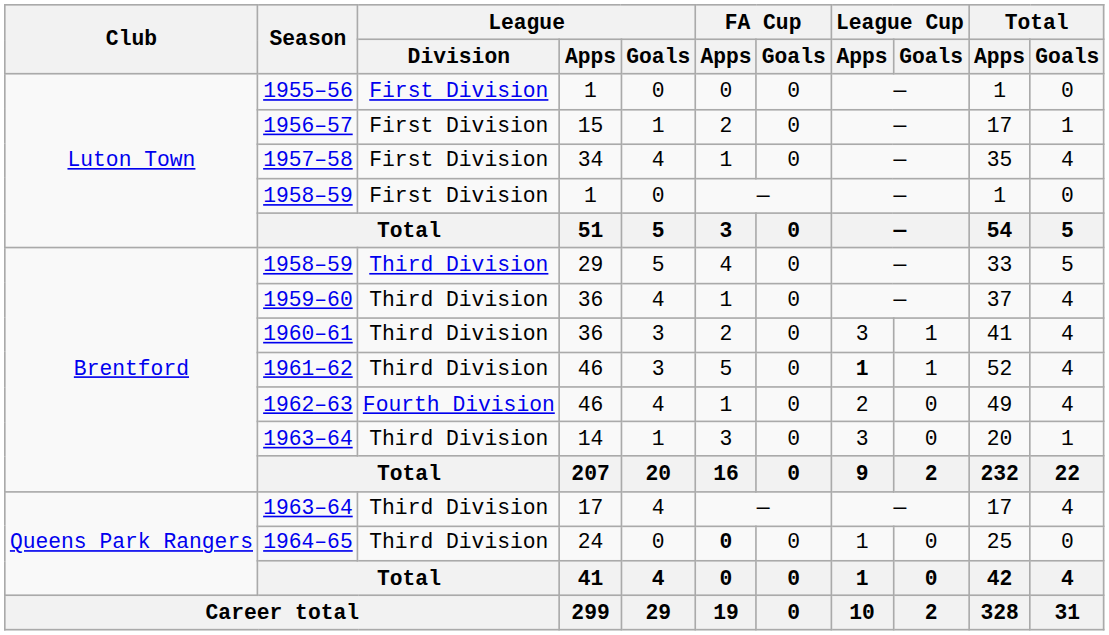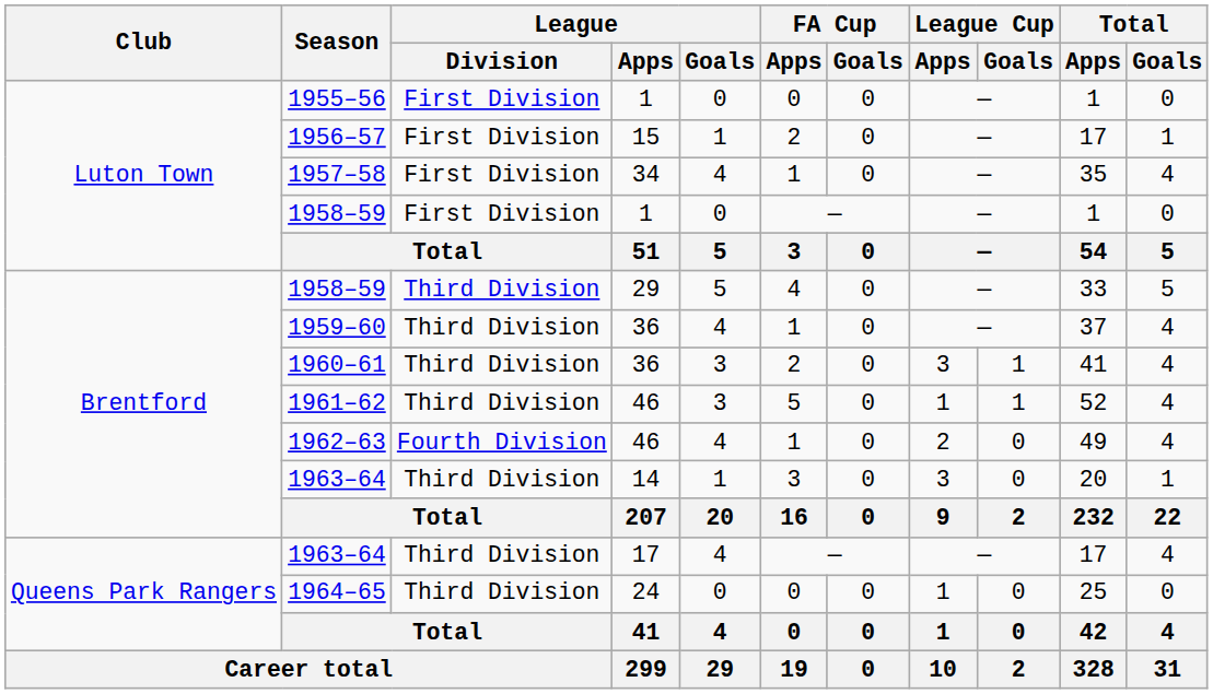 <table class="wikitable" style="text-align: center;">
 <tr>
 <th rowspan="2">Club</th>
 <th rowspan="2">Season</th>
 <th colspan="3">League</th>
 <th colspan="2">FA Cup</th>
 <th colspan="2">League Cup</th>
 <th colspan="2">Total</th>
 </tr>
 <tr>
 <th>Division</th>
 <th>Apps</th>
 <th>Goals</th>
 <th>Apps</th>
 <th>Goals</th>
 <th>Apps</th>
 <th>Goals</th>
 <th>Apps</th>
 <th>Goals</th>
 </tr>
 <tr>
 <td rowspan="5"><a href='#'>Luton Town</a></td>
 <td><a href='#'>1955–56</a></td>
 <td><a href='#'>First Division</a></td>
 <td>1</td>
 <td>0</td>
 <td>0</td>
 <td>0</td>
 <td colspan="2">—</td>
 <td>1</td>
 <td>0</td>
 </tr>
 <tr>
 <td><a href='#'>1956–57</a></td>
 <td>First Division</td>
 <td>15</td>
 <td>1</td>
 <td>2</td>
 <td>0</td>
 <td colspan="2">—</td>
 <td>17</td>
 <td>1</td>
 </tr>
 <tr>
 <td><a href='#'>1957–58</a></td>
 <td>First Division</td>
 <td>34</td>
 <td>4</td>
 <td>1</td>
 <td>0</td>
 <td colspan="2">—</td>
 <td>35</td>
 <td>4</td>
 </tr>
 <tr>
 <td><a href='#'>1958–59</a></td>
 <td>First Division</td>
 <td>1</td>
 <td>0</td>
 <td colspan="2">—</td>
 <td colspan="2">—</td>
 <td>1</td>
 <td>0</td>
 </tr>
 <tr>
 <th colspan="2">Total</th>
 <th>51</th>
 <th>5</th>
 <th>3</th>
 <th>0</th>
 <th colspan="2">—</th>
 <th>54</th>
 <th>5</th>
 </tr>
 <tr>
 <td rowspan="7"><a href='#'>Brentford</a></td>
 <td><a href='#'>1958–59</a></td>
 <td><a href='#'>Third Division</a></td>
 <td>29</td>
 <td>5</td>
 <td>4</td>
 <td>0</td>
 <td colspan="2">—</td>
 <td>33</td>
 <td>5</td>
 </tr>
 <tr>
 <td><a href='#'>1959–60</a></td>
 <td>Third Division</td>
 <td>36</td>
 <td>4</td>
 <td>1</td>
 <td>0</td>
 <td colspan="2">—</td>
 <td>37</td>
 <td>4</td>
 </tr>
 <tr>
 <td><a href='#'>1960–61</a></td>
 <td>Third Division</td>
 <td>36</td>
 <td>3</td>
 <td>2</td>
 <td>0</td>
 <td>3</td>
 <td>1</td>
 <td>41</td>
 <td>4</td>
 </tr>
 <tr>
 <td><a href='#'>1961–62</a></td>
 <td>Third Division</td>
 <td>46</td>
 <td>3</td>
 <td>5</td>
 <td>0</td>
-<td><strong>1</strong></td>
+<td>1</td>
 <td>1</td>
 <td>52</td>
 <td>4</td>
 </tr>
 <tr>
 <td><a href='#'>1962–63</a></td>
 <td><a href='#'>Fourth Division</a></td>
 <td>46</td>
 <td>4</td>
 <td>1</td>
 <td>0</td>
 <td>2</td>
 <td>0</td>
 <td>49</td>
 <td>4</td>
 </tr>
 <tr>
 <td><a href='#'>1963–64</a></td>
 <td>Third Division</td>
 <td>14</td>
 <td>1</td>
 <td>3</td>
 <td>0</td>
 <td>3</td>
 <td>0</td>
 <td>20</td>
 <td>1</td>
 </tr>
 <tr>
 <th colspan="2">Total</th>
 <th>207</th>
 <th>20</th>
 <th>16</th>
 <th>0</th>
 <th>9</th>
 <th>2</th>
 <th>232</th>
 <th>22</th>
 </tr>
 <tr>
 <td rowspan="3"><a href='#'>Queens Park Rangers</a></td>
 <td><a href='#'>1963–64</a></td>
 <td>Third Division</td>
 <td>17</td>
 <td>4</td>
 <td colspan="2">—</td>
 <td colspan="2">—</td>
 <td>17</td>
 <td>4</td>
 </tr>
 <tr>
 <td><a href='#'>1964–65</a></td>
 <td>Third Division</td>
 <td>24</td>
 <td>0</td>
-<td><strong>0</strong></td>
+<td>0</td>
 <td>0</td>
 <td>1</td>
 <td>0</td>
 <td>25</td>
 <td>0</td>
 </tr>
 <tr>
 <th colspan="2">Total</th>
 <th>41</th>
 <th>4</th>
 <th>0</th>
 <th>0</th>
 <th>1</th>
 <th>0</th>
 <th>42</th>
 <th>4</th>
 </tr>
 <tr>
 <th colspan="3">Career total</th>
 <th>299</th>
 <th>29</th>
 <th>19</th>
 <th>0</th>
 <th>10</th>
 <th>2</th>
 <th>328</th>
 <th>31</th>
 </tr>
 </table>
